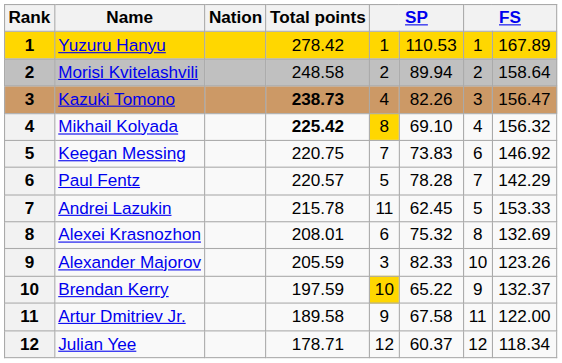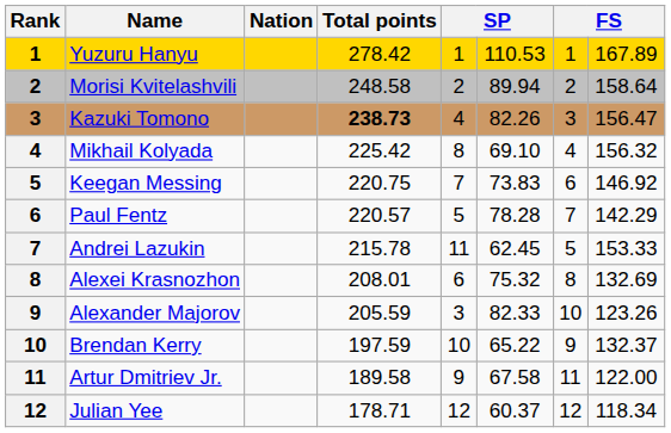 <table class="wikitable sortable">
 <tr>
 <th>Rank</th>
 <th>Name</th>
 <th>Nation</th>
 <th>Total points</th>
 <th colspan=2 width=80px><a href='#'>SP</a></th>
 <th colspan=2 width=80px><a href='#'>FS</a></th>
 </tr>
 <tr bgcolor=gold>
 <td align=center><strong>1</strong></td>
 <td><a href='#'>Yuzuru Hanyu</a></td>
 <td></td>
 <td align=center>278.42</td>
 <td align=center>1</td>
 <td align=center>110.53</td>
 <td align=center>1</td>
 <td align=center>167.89</td>
 </tr>
 <tr bgcolor=silver>
 <td align=center><strong>2</strong></td>
 <td><a href='#'>Morisi Kvitelashvili</a></td>
 <td></td>
 <td align=center>248.58</td>
 <td align=center>2</td>
 <td align=center>89.94</td>
 <td align=center>2</td>
 <td align=center>158.64</td>
 </tr>
 <tr bgcolor=cc9966>
 <td align=center><strong>3</strong></td>
 <td><a href='#'>Kazuki Tomono</a></td>
 <td></td>
 <td align=center><strong>238.73</strong></td>
 <td align=center>4</td>
 <td align=center>82.26</td>
 <td align=center>3</td>
 <td align=center>156.47</td>
 </tr>
 <tr>
 <th>4</th>
 <td><a href='#'>Mikhail Kolyada</a></td>
 <td></td>
-<td align=center><strong>225.42</strong></td>
-<td align=center style="background: gold;">8</td>
+<td align=center>225.42</td>
+<td align=center>8</td>
 <td align=center>69.10</td>
 <td align=center>4</td>
 <td align=center>156.32</td>
 </tr>
 <tr>
 <th>5</th>
 <td><a href='#'>Keegan Messing</a></td>
 <td></td>
 <td align=center>220.75</td>
 <td align=center>7</td>
 <td align=center>73.83</td>
 <td align=center>6</td>
 <td align=center>146.92</td>
 </tr>
 <tr>
 <th>6</th>
 <td><a href='#'>Paul Fentz</a></td>
 <td></td>
 <td align=center>220.57</td>
 <td align=center>5</td>
 <td align=center>78.28</td>
 <td align=center>7</td>
 <td align=center>142.29</td>
 </tr>
 <tr>
 <th>7</th>
 <td><a href='#'>Andrei Lazukin</a></td>
 <td></td>
 <td align=center>215.78</td>
 <td align=center>11</td>
 <td align=center>62.45</td>
 <td align=center>5</td>
 <td align=center>153.33</td>
 </tr>
 <tr>
 <th>8</th>
 <td><a href='#'>Alexei Krasnozhon</a></td>
 <td></td>
 <td align=center>208.01</td>
 <td align=center>6</td>
 <td align=center>75.32</td>
 <td align=center>8</td>
 <td align=center>132.69</td>
 </tr>
 <tr>
 <th>9</th>
 <td><a href='#'>Alexander Majorov</a></td>
 <td></td>
 <td align=center>205.59</td>
 <td align=center>3</td>
 <td align=center>82.33</td>
 <td align=center>10</td>
 <td align=center>123.26</td>
 </tr>
 <tr>
 <th>10</th>
 <td><a href='#'>Brendan Kerry</a></td>
 <td></td>
 <td align=center>197.59</td>
-<td align=center style="background: gold;">10</td>
+<td align=center>10</td>
 <td align=center>65.22</td>
 <td align=center>9</td>
 <td align=center>132.37</td>
 </tr>
 <tr>
 <th>11</th>
 <td><a href='#'>Artur Dmitriev Jr.</a></td>
 <td></td>
 <td align=center>189.58</td>
 <td align=center>9</td>
 <td align=center>67.58</td>
 <td align=center>11</td>
 <td align=center>122.00</td>
 </tr>
 <tr>
 <th>12</th>
 <td><a href='#'>Julian Yee</a></td>
 <td></td>
 <td align=center>178.71</td>
 <td align=center>12</td>
 <td align=center>60.37</td>
 <td align=center>12</td>
 <td align=center>118.34</td>
 </tr>
 </table>
